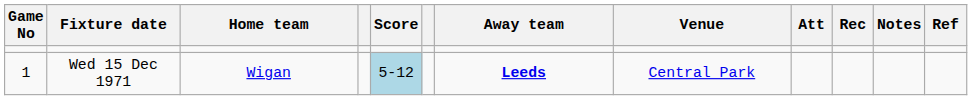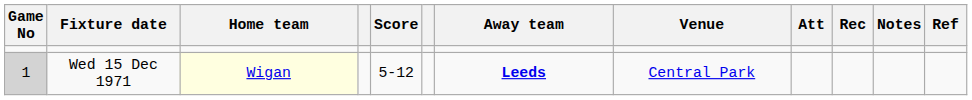 <table class="wikitable" style="text-align:center;">
 <tr>
 <th width=10 abbr="No">Game No</th>
 <th width=110 abbr="Date">Fixture date</th>
 <th width=150 abbr="Home team">Home team</th>
 <th width=5 abbr="space"></th>
 <th width=20 abbr="Score">Score</th>
 <th width=5 abbr="space"></th>
 <th width=150 abbr="Away team">Away team</th>
 <th width=150 abbr="Venue">Venue</th>
 <th width=30 abbr="Att">Att</th>
 <th width=30 abbr="Rec">Rec</th>
 <th width=20 abbr="Notes">Notes</th>
 <th width=30 abbr="Ref">Ref</th>
 </tr>
 <tr>
 <td></td>
 <td></td>
 <td></td>
 <td></td>
 <td></td>
 <td></td>
 <td></td>
 <td></td>
 <td></td>
 <td></td>
 <td></td>
 </tr>
 <tr>
-<td>1</td>
+<td style="background: lightgrey;">1</td>
 <td>Wed 15 Dec 1971</td>
-<td><a href='#'>Wigan</a></td>
+<td style="background: lightyellow;"><a href='#'>Wigan</a></td>
 <td></td>
-<td style="background: lightblue;">5-12</td>
+<td>5-12</td>
 <td></td>
 <td><strong><a href='#'>Leeds</a></strong></td>
 <td><a href='#'>Central Park</a></td>
 <td></td>
 <td></td>
 <td></td>
 <td></td>
 </tr>
 </table>
